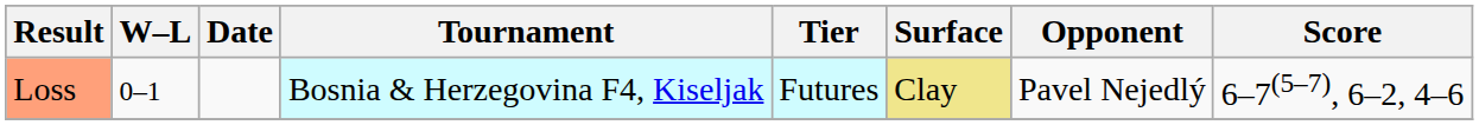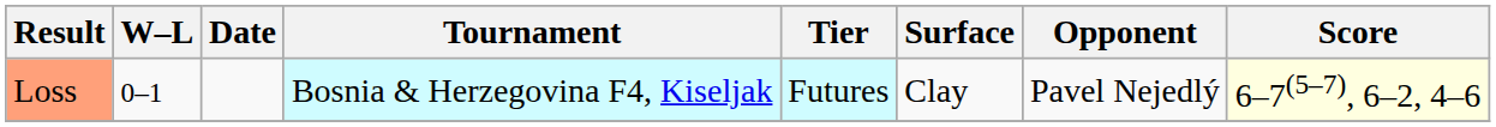 <table class="sortable wikitable nowrap">
 <tr>
 <th>Result</th>
 <th class="unsortable">W–L</th>
 <th>Date</th>
 <th>Tournament</th>
 <th>Tier</th>
 <th>Surface</th>
 <th>Opponent</th>
 <th class="unsortable">Score</th>
 </tr>
 <tr>
 <td bgcolor=FFA07A>Loss</td>
 <td><small>0–1</small></td>
 <td></td>
 <td style="background:#cffcff;">Bosnia & Herzegovina F4, <a href='#'>Kiseljak</a></td>
 <td style="background:#cffcff;">Futures</td>
-<td style="background: khaki;">Clay</td>
+<td>Clay</td>
 <td> Pavel Nejedlý</td>
-<td>6–7<sup>(5–7)</sup>, 6–2, 4–6</td>
+<td style="background: lightyellow;">6–7<sup>(5–7)</sup>, 6–2, 4–6</td>
 </tr>
 <tr>
 </tr>
 </table>
